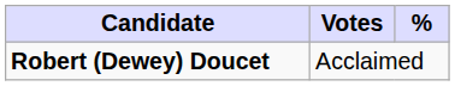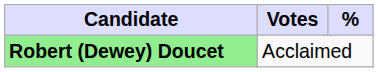 <table class="wikitable">
 <tr>
 <th style="background:#ddf; width:200px;">Candidate</th>
 <th style="background:#ddf; width:50px;">Votes</th>
 <th style="background:#ddf; width:30px;">%</th>
 </tr>
 <tr>
-<td><strong>Robert (Dewey) Doucet</strong></td>
+<td style="background: lightgreen;"><strong>Robert (Dewey) Doucet</strong></td>
 <td colspan="2">Acclaimed</td>
 </tr>
 </table>
